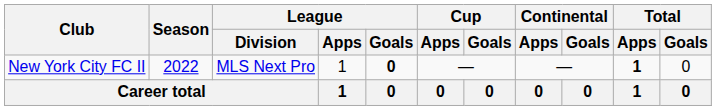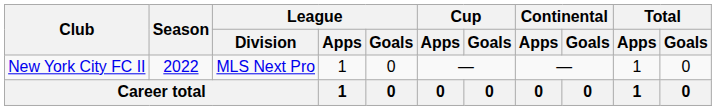 <table class="wikitable" style="text-align:center">
 <tr>
 <th rowspan="2">Club</th>
 <th rowspan="2">Season</th>
 <th colspan="3">League</th>
 <th colspan="2">Cup</th>
 <th colspan="2">Continental</th>
 <th colspan="2">Total</th>
 </tr>
 <tr>
 <th>Division</th>
 <th>Apps</th>
 <th>Goals</th>
 <th>Apps</th>
 <th>Goals</th>
 <th>Apps</th>
 <th>Goals</th>
 <th>Apps</th>
 <th>Goals</th>
 </tr>
 <tr>
 <td><a href='#'>New York City FC II</a></td>
 <td><a href='#'>2022</a></td>
 <td><a href='#'>MLS Next Pro</a></td>
 <td>1</td>
-<td><strong>0</strong></td>
+<td>0</td>
 <td colspan=2>—</td>
 <td colspan=2>—</td>
-<td><strong>1</strong></td>
+<td>1</td>
 <td>0</td>
 </tr>
 <tr>
 <th colspan="3">Career total</th>
 <th>1</th>
 <th>0</th>
 <th>0</th>
 <th>0</th>
 <th>0</th>
 <th>0</th>
 <th>1</th>
 <th>0</th>
 </tr>
 </table>
